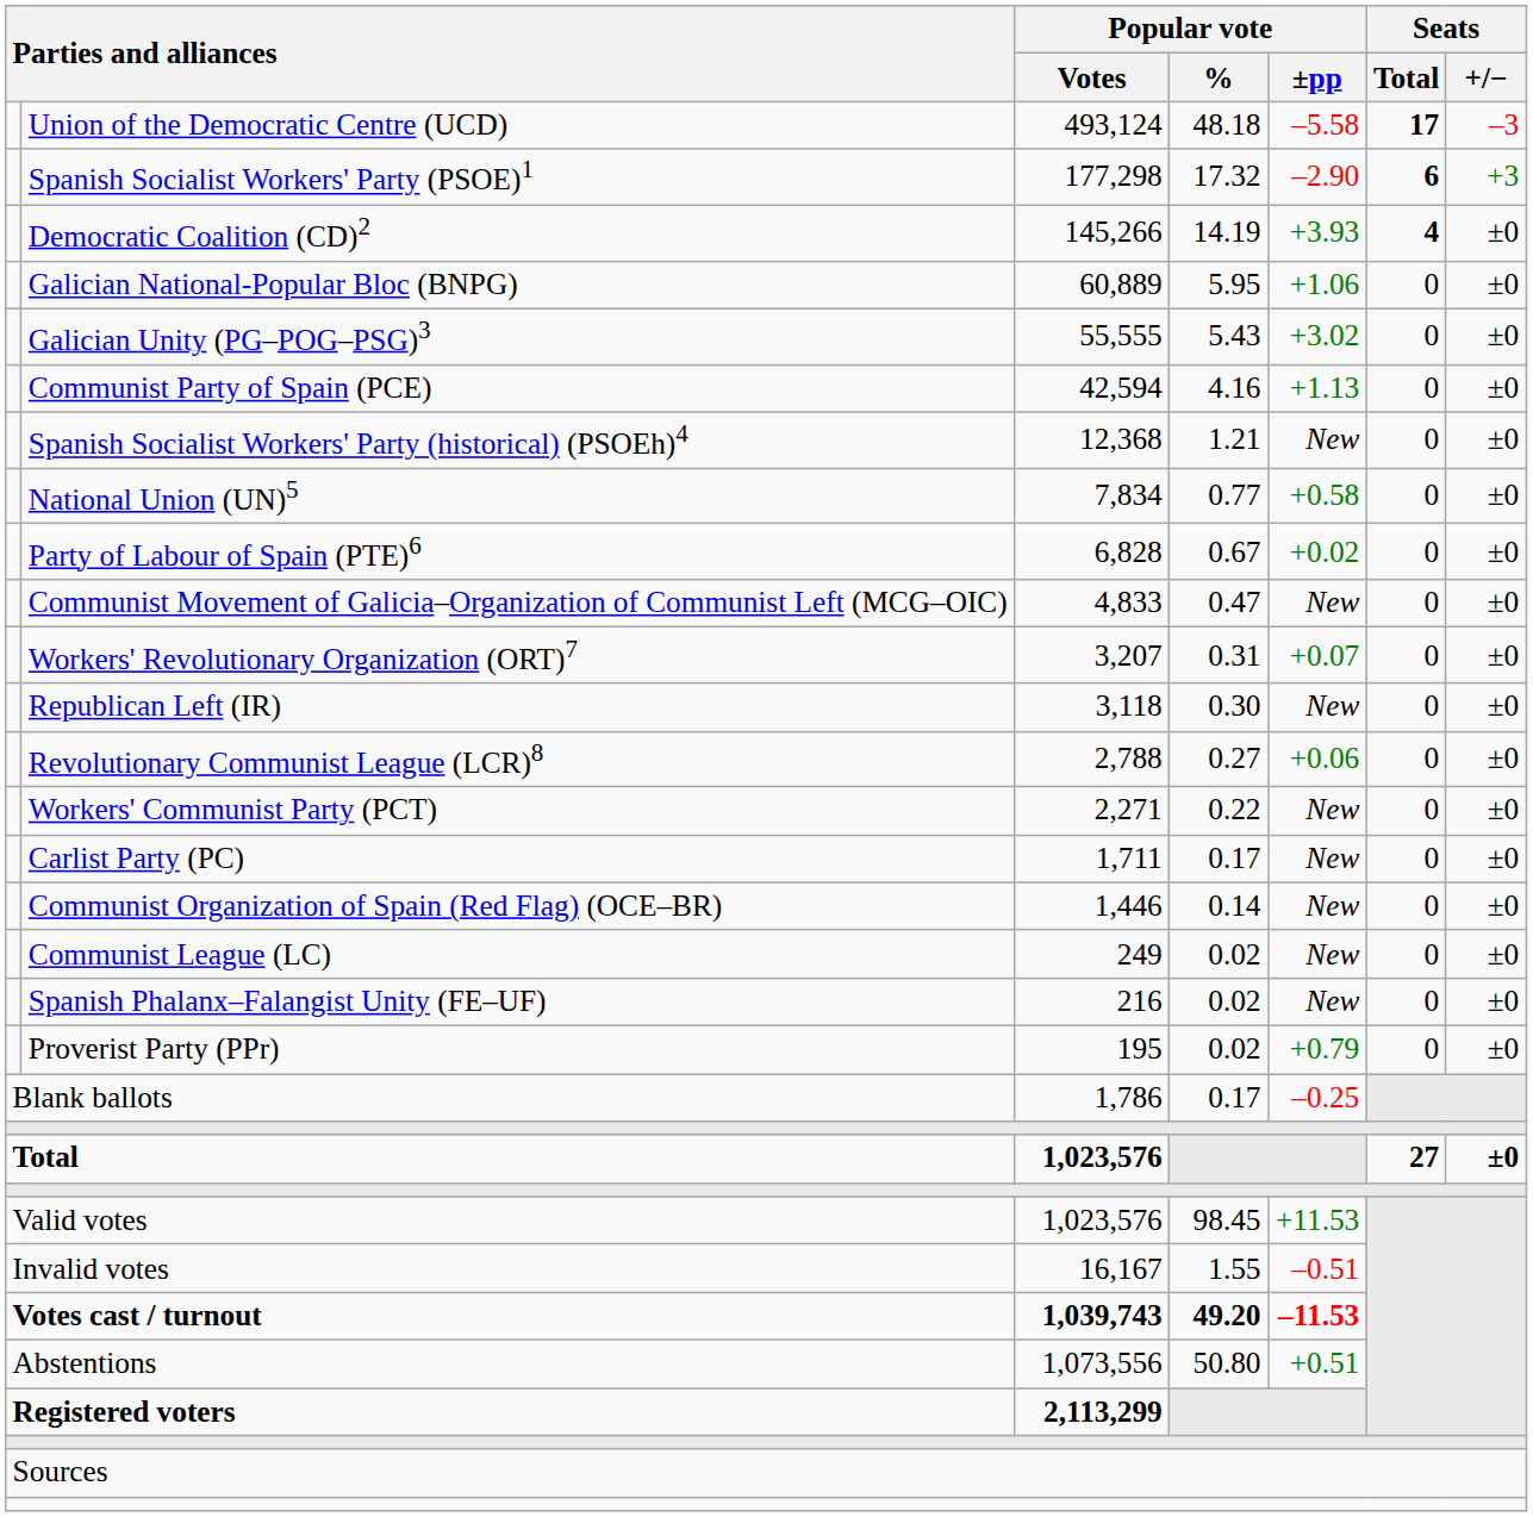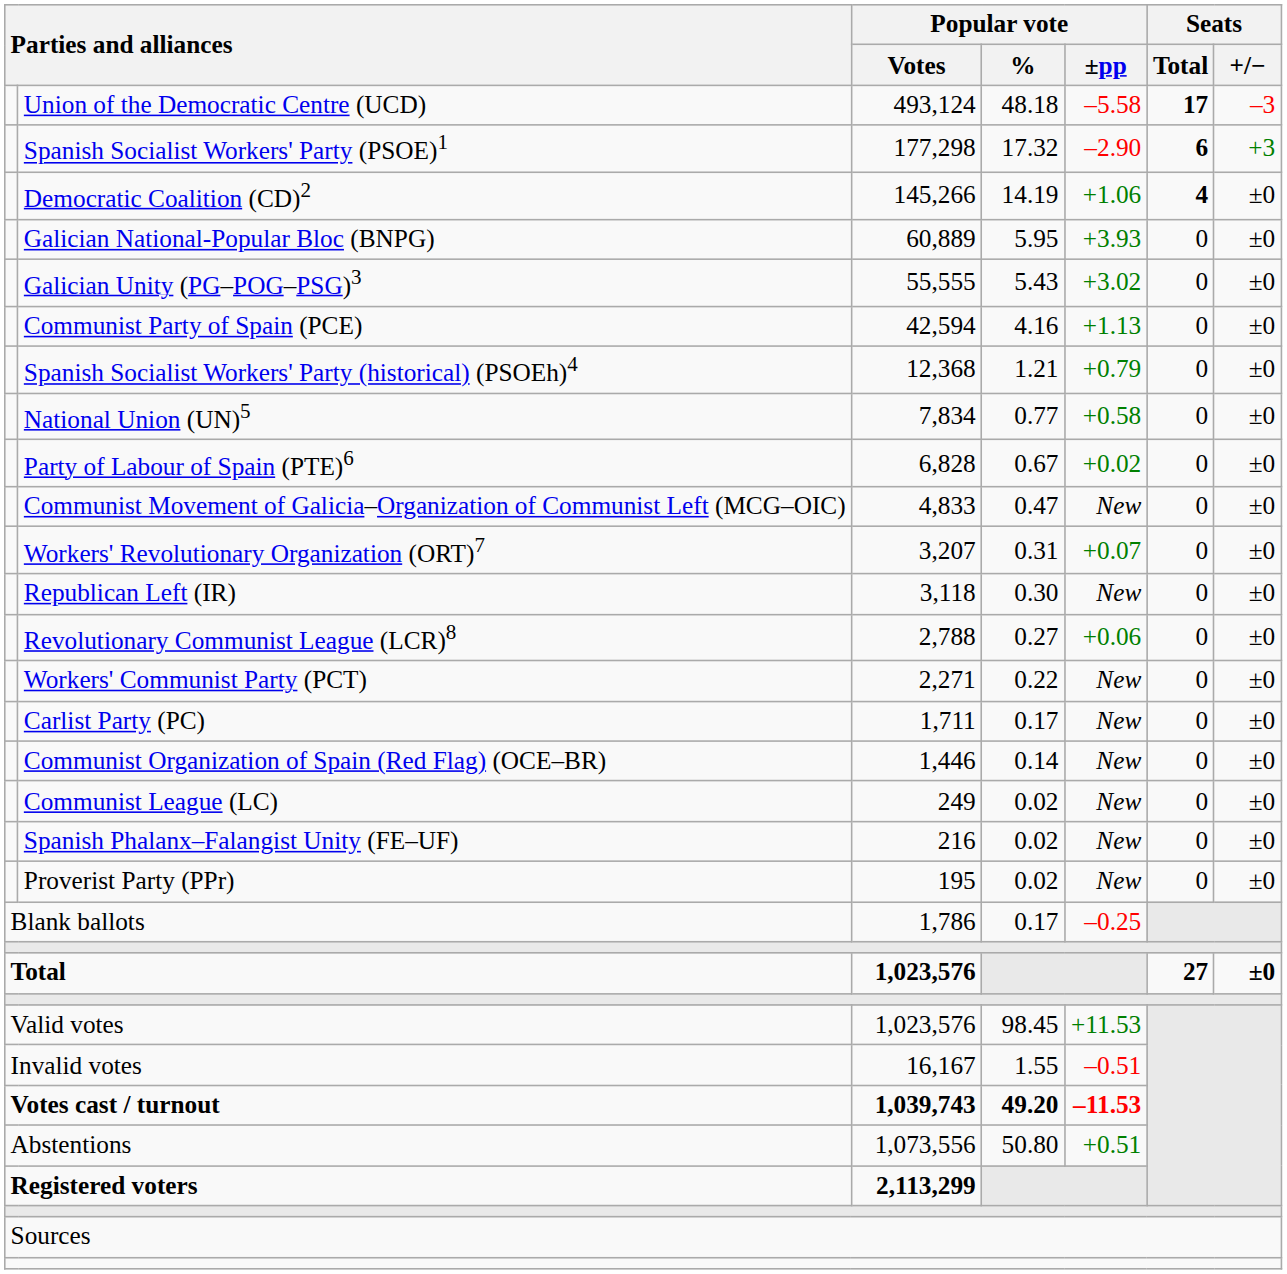 <table class="wikitable" style="text-align:right;">
 <tr>
 <th style="text-align:left;" rowspan="2" colspan="2" width="525">Parties and alliances</th>
 <th colspan="3">Popular vote</th>
 <th colspan="2">Seats</th>
 </tr>
 <tr>
 <th width="75">Votes</th>
 <th width="45">%</th>
 <th width="45">±<a href='#'>pp</a></th>
 <th width="35">Total</th>
 <th width="35">+/−</th>
 </tr>
 <tr>
 <td width="1" style="color:inherit;background:"></td>
 <td align="left"><a href='#'>Union of the Democratic Centre</a> (UCD)</td>
 <td>493,124</td>
 <td>48.18</td>
 <td style="color:red;">–5.58</td>
 <td><strong>17</strong></td>
 <td style="color:red;">–3</td>
 </tr>
 <tr>
 <td style="color:inherit;background:"></td>
 <td align="left"><a href='#'>Spanish Socialist Workers' Party</a> (PSOE)<sup>1</sup></td>
 <td>177,298</td>
 <td>17.32</td>
 <td style="color:red;">–2.90</td>
 <td><strong>6</strong></td>
 <td style="color:green;">+3</td>
 </tr>
 <tr>
 <td style="color:inherit;background:"></td>
 <td align="left"><a href='#'>Democratic Coalition</a> (CD)<sup>2</sup></td>
 <td>145,266</td>
 <td>14.19</td>
-<td style="color:green;">+3.93</td>
+<td style="color:green;">+1.06</td>
 <td><strong>4</strong></td>
 <td>±0</td>
 </tr>
 <tr>
 <td style="color:inherit;background:"></td>
 <td align="left"><a href='#'>Galician National-Popular Bloc</a> (BNPG)</td>
 <td>60,889</td>
 <td>5.95</td>
-<td style="color:green;">+1.06</td>
+<td style="color:green;">+3.93</td>
 <td>0</td>
 <td>±0</td>
 </tr>
 <tr>
 <td style="color:inherit;background:"></td>
 <td align="left"><a href='#'>Galician Unity</a> (<a href='#'>PG</a>–<a href='#'>POG</a>–<a href='#'>PSG</a>)<sup>3</sup></td>
 <td>55,555</td>
 <td>5.43</td>
 <td style="color:green;">+3.02</td>
 <td>0</td>
 <td>±0</td>
 </tr>
 <tr>
 <td style="color:inherit;background:"></td>
 <td align="left"><a href='#'>Communist Party of Spain</a> (PCE)</td>
 <td>42,594</td>
 <td>4.16</td>
 <td style="color:green;">+1.13</td>
 <td>0</td>
 <td>±0</td>
 </tr>
 <tr>
 <td style="color:inherit;background:"></td>
 <td align="left"><a href='#'>Spanish Socialist Workers' Party (historical)</a> (PSOEh)<sup>4</sup></td>
 <td>12,368</td>
 <td>1.21</td>
-<td><em>New</em></td>
+<td style="color:green;">+0.79</td>
 <td>0</td>
 <td>±0</td>
 </tr>
 <tr>
 <td style="color:inherit;background:"></td>
 <td align="left"><a href='#'>National Union</a> (UN)<sup>5</sup></td>
 <td>7,834</td>
 <td>0.77</td>
 <td style="color:green;">+0.58</td>
 <td>0</td>
 <td>±0</td>
 </tr>
 <tr>
 <td style="color:inherit;background:"></td>
 <td align="left"><a href='#'>Party of Labour of Spain</a> (PTE)<sup>6</sup></td>
 <td>6,828</td>
 <td>0.67</td>
 <td style="color:green;">+0.02</td>
 <td>0</td>
 <td>±0</td>
 </tr>
 <tr>
 <td style="color:inherit;background:"></td>
 <td align="left"><a href='#'>Communist Movement of Galicia</a>–<a href='#'>Organization of Communist Left</a> (MCG–OIC)</td>
 <td>4,833</td>
 <td>0.47</td>
 <td><em>New</em></td>
 <td>0</td>
 <td>±0</td>
 </tr>
 <tr>
 <td style="color:inherit;background:"></td>
 <td align="left"><a href='#'>Workers' Revolutionary Organization</a> (ORT)<sup>7</sup></td>
 <td>3,207</td>
 <td>0.31</td>
 <td style="color:green;">+0.07</td>
 <td>0</td>
 <td>±0</td>
 </tr>
 <tr>
 <td style="color:inherit;background:"></td>
 <td align="left"><a href='#'>Republican Left</a> (IR)</td>
 <td>3,118</td>
 <td>0.30</td>
 <td><em>New</em></td>
 <td>0</td>
 <td>±0</td>
 </tr>
 <tr>
 <td style="color:inherit;background:"></td>
 <td align="left"><a href='#'>Revolutionary Communist League</a> (LCR)<sup>8</sup></td>
 <td>2,788</td>
 <td>0.27</td>
 <td style="color:green;">+0.06</td>
 <td>0</td>
 <td>±0</td>
 </tr>
 <tr>
 <td style="color:inherit;background:"></td>
 <td align="left"><a href='#'>Workers' Communist Party</a> (PCT)</td>
 <td>2,271</td>
 <td>0.22</td>
 <td><em>New</em></td>
 <td>0</td>
 <td>±0</td>
 </tr>
 <tr>
 <td style="color:inherit;background:"></td>
 <td align="left"><a href='#'>Carlist Party</a> (PC)</td>
 <td>1,711</td>
 <td>0.17</td>
 <td><em>New</em></td>
 <td>0</td>
 <td>±0</td>
 </tr>
 <tr>
 <td style="color:inherit;background:"></td>
 <td align="left"><a href='#'>Communist Organization of Spain (Red Flag)</a> (OCE–BR)</td>
 <td>1,446</td>
 <td>0.14</td>
 <td><em>New</em></td>
 <td>0</td>
 <td>±0</td>
 </tr>
 <tr>
 <td style="color:inherit;background:"></td>
 <td align="left"><a href='#'>Communist League</a> (LC)</td>
 <td>249</td>
 <td>0.02</td>
 <td><em>New</em></td>
 <td>0</td>
 <td>±0</td>
 </tr>
 <tr>
 <td style="color:inherit;background:"></td>
 <td align="left"><a href='#'>Spanish Phalanx–Falangist Unity</a> (FE–UF)</td>
 <td>216</td>
 <td>0.02</td>
 <td><em>New</em></td>
 <td>0</td>
 <td>±0</td>
 </tr>
 <tr>
 <td style="color:inherit;background:"></td>
 <td align="left">Proverist Party (PPr)</td>
 <td>195</td>
 <td>0.02</td>
-<td style="color:green;">+0.79</td>
+<td><em>New</em></td>
 <td>0</td>
 <td>±0</td>
 </tr>
 <tr>
 <td align="left" colspan="2">Blank ballots</td>
 <td>1,786</td>
 <td>0.17</td>
 <td style="color:red;">–0.25</td>
 <td bgcolor="#E9E9E9" colspan="2"></td>
 </tr>
 <tr>
 <td colspan="7" bgcolor="#E9E9E9"></td>
 </tr>
 <tr style="font-weight:bold;">
 <td align="left" colspan="2">Total</td>
 <td>1,023,576</td>
 <td bgcolor="#E9E9E9" colspan="2"></td>
 <td>27</td>
 <td>±0</td>
 </tr>
 <tr>
 <td colspan="7" bgcolor="#E9E9E9"></td>
 </tr>
 <tr>
 <td align="left" colspan="2">Valid votes</td>
 <td>1,023,576</td>
 <td>98.45</td>
 <td style="color:green;">+11.53</td>
 <td bgcolor="#E9E9E9" colspan="2" rowspan="5"></td>
 </tr>
 <tr>
 <td align="left" colspan="2">Invalid votes</td>
 <td>16,167</td>
 <td>1.55</td>
 <td style="color:red;">–0.51</td>
 </tr>
 <tr style="font-weight:bold;">
 <td align="left" colspan="2">Votes cast / turnout</td>
 <td>1,039,743</td>
 <td>49.20</td>
 <td style="color:red;">–11.53</td>
 </tr>
 <tr>
 <td align="left" colspan="2">Abstentions</td>
 <td>1,073,556</td>
 <td>50.80</td>
 <td style="color:green;">+0.51</td>
 </tr>
 <tr style="font-weight:bold;">
 <td align="left" colspan="2">Registered voters</td>
 <td>2,113,299</td>
 <td bgcolor="#E9E9E9" colspan="2"></td>
 </tr>
 <tr>
 <td colspan="7" bgcolor="#E9E9E9"></td>
 </tr>
 <tr>
 <td align="left" colspan="7">Sources</td>
 </tr>
 <tr>
 <td colspan="7" style="text-align:left; max-width:790px;"></td>
 </tr>
 </table>
